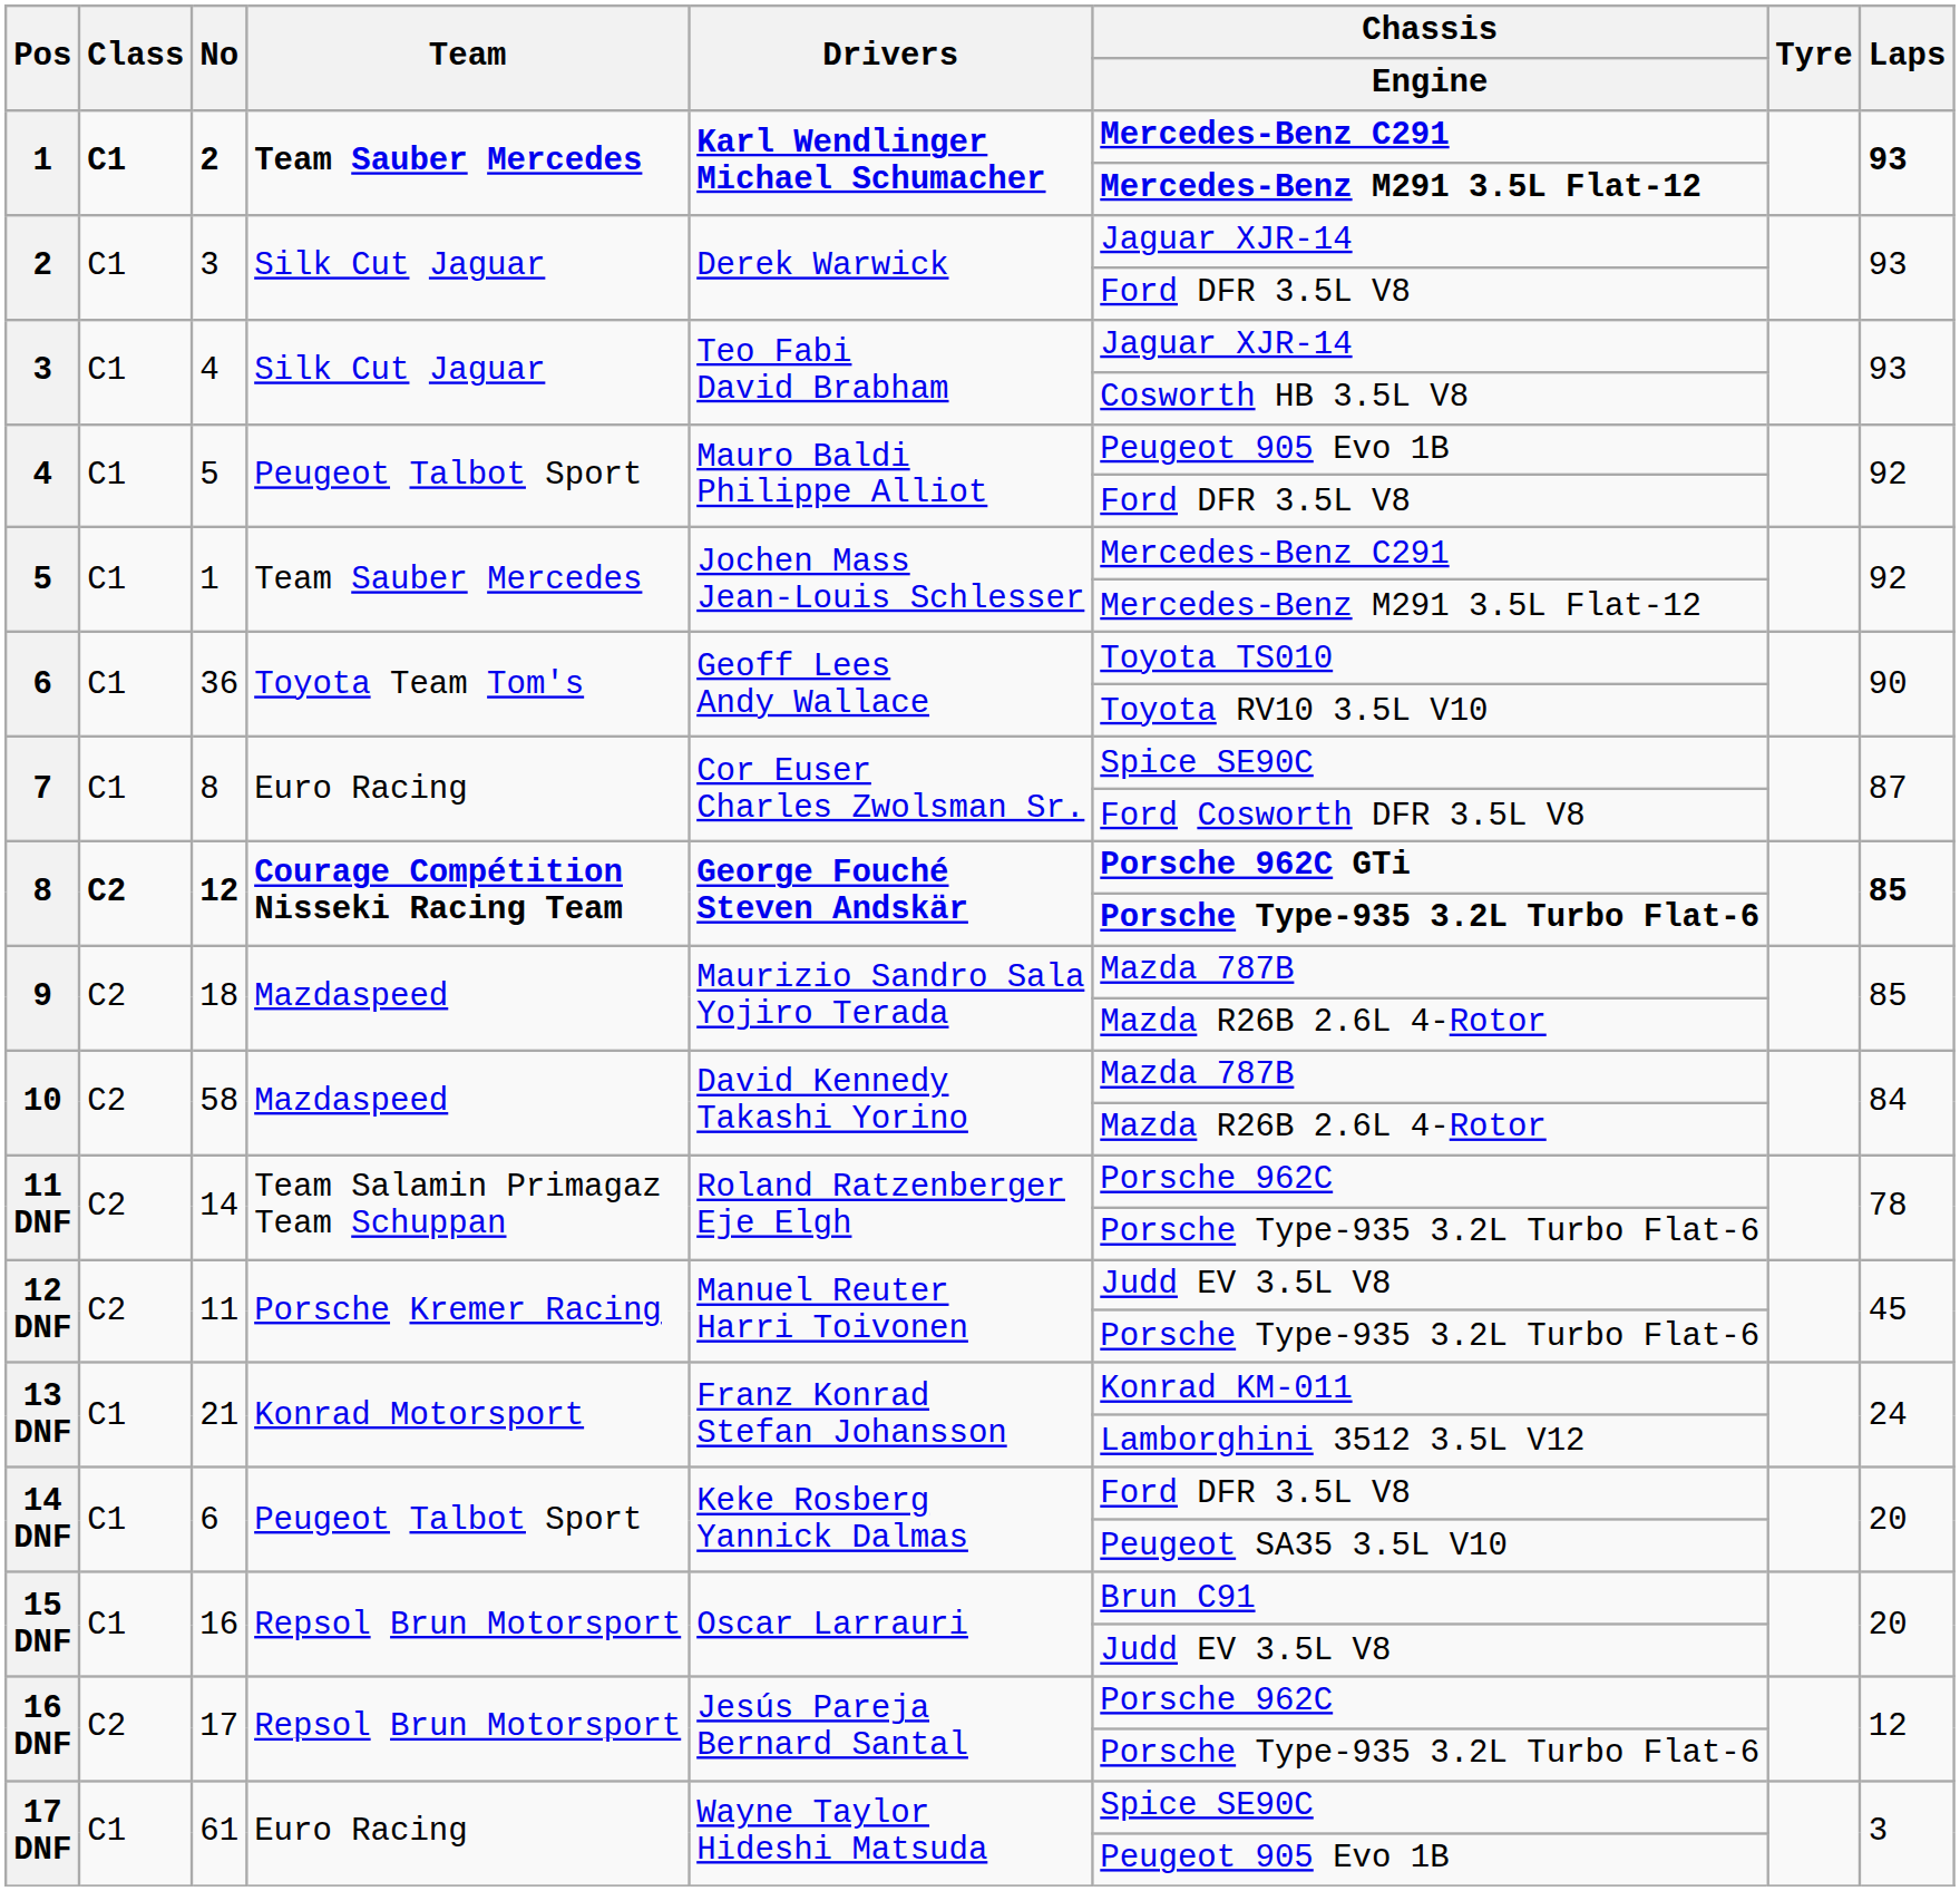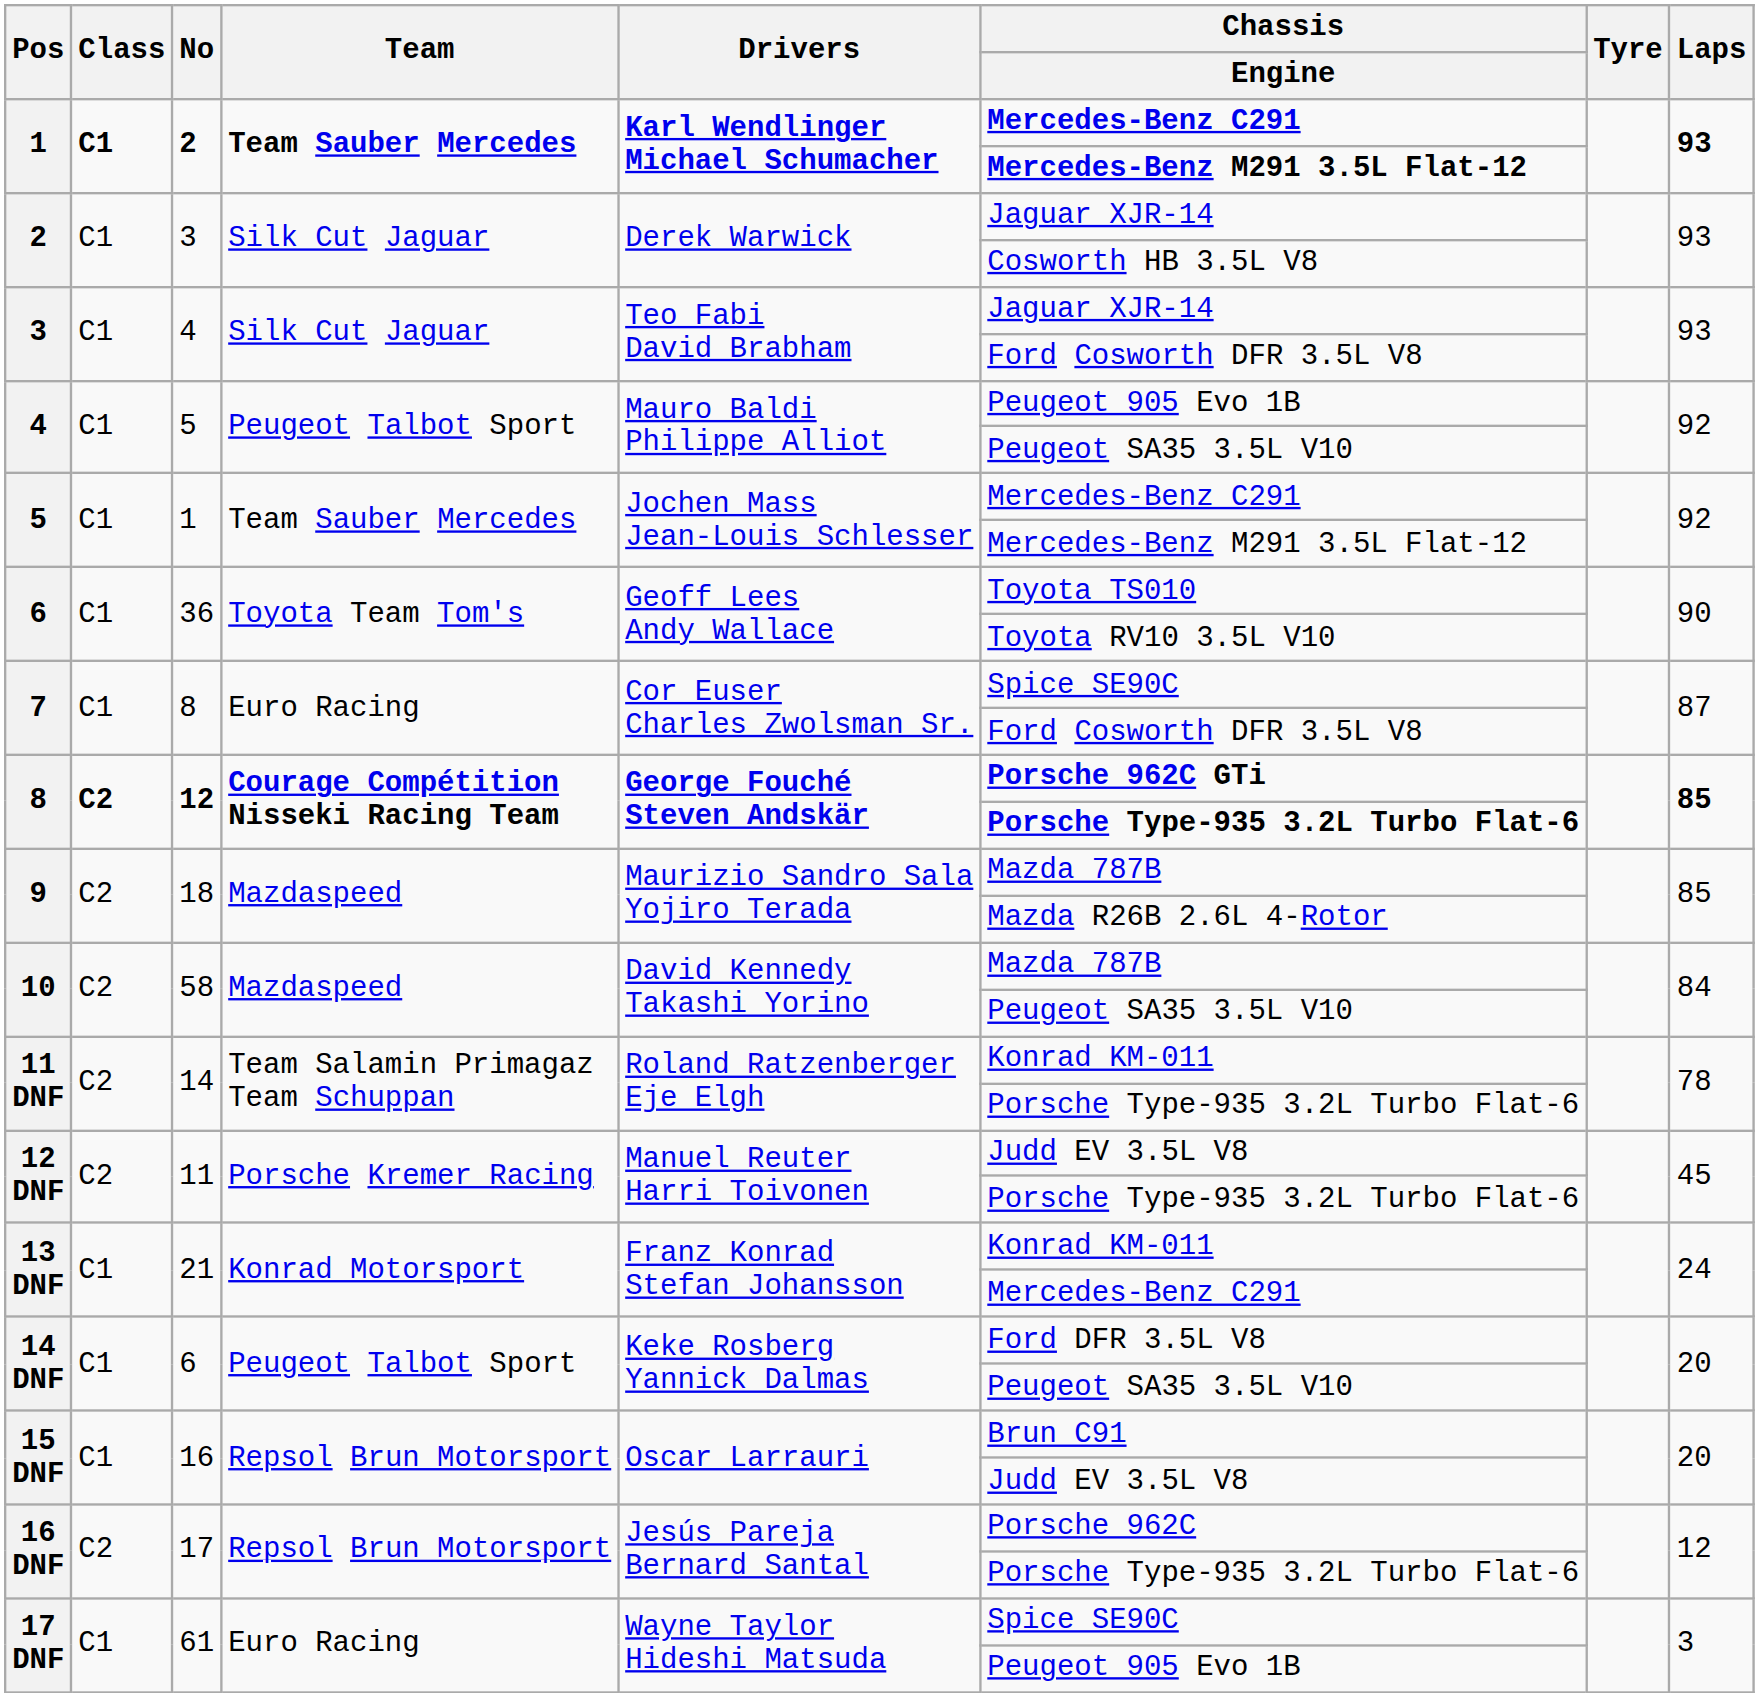 <table class="wikitable" style="font-size: 95%;">
 <tr>
 <th rowspan=2>Pos</th>
 <th rowspan=2>Class</th>
 <th rowspan=2>No</th>
 <th rowspan=2>Team</th>
 <th rowspan=2>Drivers</th>
 <th>Chassis</th>
 <th rowspan=2>Tyre</th>
 <th rowspan=2>Laps</th>
 </tr>
 <tr>
 <th>Engine</th>
 </tr>
 <tr style="font-weight:bold">
 <th rowspan=2>1</th>
 <td rowspan=2>C1</td>
 <td rowspan=2>2</td>
 <td rowspan=2> Team <a href='#'>Sauber</a> <a href='#'>Mercedes</a></td>
 <td rowspan=2> <a href='#'>Karl Wendlinger</a><br> <a href='#'>Michael Schumacher</a></td>
 <td><a href='#'>Mercedes-Benz C291</a></td>
 <td rowspan=2></td>
 <td rowspan=2>93</td>
 </tr>
 <tr style="font-weight:bold">
 <td><a href='#'>Mercedes-Benz</a> M291 3.5L Flat-12</td>
 </tr>
 <tr>
 <th rowspan=2>2</th>
 <td rowspan=2>C1</td>
 <td rowspan=2>3</td>
 <td rowspan=2> <a href='#'>Silk Cut</a> <a href='#'>Jaguar</a></td>
 <td rowspan=2> <a href='#'>Derek Warwick</a></td>
 <td><a href='#'>Jaguar XJR-14</a></td>
 <td rowspan=2></td>
 <td rowspan=2>93</td>
 </tr>
 <tr>
-<td><a href='#'>Ford</a> DFR 3.5L V8</td>
+<td><a href='#'>Cosworth</a> HB 3.5L V8</td>
 </tr>
 <tr>
 <th rowspan=2>3</th>
 <td rowspan=2>C1</td>
 <td rowspan=2>4</td>
 <td rowspan=2> <a href='#'>Silk Cut</a> <a href='#'>Jaguar</a></td>
 <td rowspan=2> <a href='#'>Teo Fabi</a><br> <a href='#'>David Brabham</a></td>
 <td><a href='#'>Jaguar XJR-14</a></td>
 <td rowspan=2></td>
 <td rowspan=2>93</td>
 </tr>
 <tr>
-<td><a href='#'>Cosworth</a> HB 3.5L V8</td>
+<td><a href='#'>Ford</a> <a href='#'>Cosworth</a> DFR 3.5L V8</td>
 </tr>
 <tr>
 <th rowspan=2>4</th>
 <td rowspan=2>C1</td>
 <td rowspan=2>5</td>
 <td rowspan=2> <a href='#'>Peugeot</a> <a href='#'>Talbot</a> Sport</td>
 <td rowspan=2> <a href='#'>Mauro Baldi</a><br> <a href='#'>Philippe Alliot</a></td>
 <td><a href='#'>Peugeot 905</a> Evo 1B</td>
 <td rowspan=2></td>
 <td rowspan=2>92</td>
 </tr>
 <tr>
-<td><a href='#'>Ford</a> DFR 3.5L V8</td>
+<td><a href='#'>Peugeot</a> SA35 3.5L V10</td>
 </tr>
 <tr>
 <th rowspan=2>5</th>
 <td rowspan=2>C1</td>
 <td rowspan=2>1</td>
 <td rowspan=2> Team <a href='#'>Sauber</a> <a href='#'>Mercedes</a></td>
 <td rowspan=2> <a href='#'>Jochen Mass</a><br> <a href='#'>Jean-Louis Schlesser</a></td>
 <td><a href='#'>Mercedes-Benz C291</a></td>
 <td rowspan=2></td>
 <td rowspan=2>92</td>
 </tr>
 <tr>
 <td><a href='#'>Mercedes-Benz</a> M291 3.5L Flat-12</td>
 </tr>
 <tr>
 <th rowspan=2>6</th>
 <td rowspan=2>C1</td>
 <td rowspan=2>36</td>
 <td rowspan=2> <a href='#'>Toyota</a> Team <a href='#'>Tom's</a></td>
 <td rowspan=2> <a href='#'>Geoff Lees</a><br> <a href='#'>Andy Wallace</a></td>
 <td><a href='#'>Toyota TS010</a></td>
 <td rowspan=2></td>
 <td rowspan=2>90</td>
 </tr>
 <tr>
 <td><a href='#'>Toyota</a> RV10 3.5L V10</td>
 </tr>
 <tr>
 <th rowspan=2>7</th>
 <td rowspan=2>C1</td>
 <td rowspan=2>8</td>
 <td rowspan=2> Euro Racing</td>
 <td rowspan=2> <a href='#'>Cor Euser</a><br> <a href='#'>Charles Zwolsman Sr.</a></td>
 <td><a href='#'>Spice SE90C</a></td>
 <td rowspan=2></td>
 <td rowspan=2>87</td>
 </tr>
 <tr>
 <td><a href='#'>Ford</a> <a href='#'>Cosworth</a> DFR 3.5L V8</td>
 </tr>
 <tr style="font-weight:bold">
 <th rowspan=2>8</th>
 <td rowspan=2>C2</td>
 <td rowspan=2>12</td>
 <td rowspan=2> <a href='#'>Courage Compétition</a><br> Nisseki Racing Team</td>
 <td rowspan=2> <a href='#'>George Fouché</a><br> <a href='#'>Steven Andskär</a></td>
 <td><a href='#'>Porsche 962C</a> GTi</td>
 <td rowspan=2></td>
 <td rowspan=2>85</td>
 </tr>
 <tr style="font-weight:bold">
 <td><a href='#'>Porsche</a> Type-935 3.2L Turbo Flat-6</td>
 </tr>
 <tr>
 <th rowspan=2>9</th>
 <td rowspan=2>C2</td>
 <td rowspan=2>18</td>
 <td rowspan=2> <a href='#'>Mazdaspeed</a></td>
 <td rowspan=2> <a href='#'>Maurizio Sandro Sala</a><br> <a href='#'>Yojiro Terada</a></td>
 <td><a href='#'>Mazda 787B</a></td>
 <td rowspan=2></td>
 <td rowspan=2>85</td>
 </tr>
 <tr>
 <td><a href='#'>Mazda</a> R26B 2.6L 4-<a href='#'>Rotor</a></td>
 </tr>
 <tr>
 <th rowspan=2>10</th>
 <td rowspan=2>C2</td>
 <td rowspan=2>58</td>
 <td rowspan=2> <a href='#'>Mazdaspeed</a></td>
 <td rowspan=2> <a href='#'>David Kennedy</a><br> <a href='#'>Takashi Yorino</a></td>
 <td><a href='#'>Mazda 787B</a></td>
 <td rowspan=2></td>
 <td rowspan=2>84</td>
 </tr>
 <tr>
-<td><a href='#'>Mazda</a> R26B 2.6L 4-<a href='#'>Rotor</a></td>
+<td><a href='#'>Peugeot</a> SA35 3.5L V10</td>
 </tr>
 <tr>
 <th rowspan=2>11<br>DNF</th>
 <td rowspan=2>C2</td>
 <td rowspan=2>14</td>
 <td rowspan=2> Team Salamin Primagaz<br> Team <a href='#'>Schuppan</a></td>
 <td rowspan=2> <a href='#'>Roland Ratzenberger</a><br> <a href='#'>Eje Elgh</a></td>
-<td><a href='#'>Porsche 962C</a></td>
+<td><a href='#'>Konrad KM-011</a></td>
 <td rowspan=2></td>
 <td rowspan=2>78</td>
 </tr>
 <tr>
 <td><a href='#'>Porsche</a> Type-935 3.2L Turbo Flat-6</td>
 </tr>
 <tr>
 <th rowspan=2>12<br>DNF</th>
 <td rowspan=2>C2</td>
 <td rowspan=2>11</td>
 <td rowspan=2> <a href='#'>Porsche</a> <a href='#'>Kremer Racing</a></td>
 <td rowspan=2> <a href='#'>Manuel Reuter</a><br> <a href='#'>Harri Toivonen</a></td>
 <td><a href='#'>Judd</a> EV 3.5L V8</td>
 <td rowspan=2></td>
 <td rowspan=2>45</td>
 </tr>
 <tr>
 <td><a href='#'>Porsche</a> Type-935 3.2L Turbo Flat-6</td>
 </tr>
 <tr>
 <th rowspan=2>13<br>DNF</th>
 <td rowspan=2>C1</td>
 <td rowspan=2>21</td>
 <td rowspan=2> <a href='#'>Konrad Motorsport</a></td>
 <td rowspan=2> <a href='#'>Franz Konrad</a><br> <a href='#'>Stefan Johansson</a></td>
 <td><a href='#'>Konrad KM-011</a></td>
 <td rowspan=2></td>
 <td rowspan=2>24</td>
 </tr>
 <tr>
-<td><a href='#'>Lamborghini</a> 3512 3.5L V12</td>
+<td><a href='#'>Mercedes-Benz C291</a></td>
 </tr>
 <tr>
 <th rowspan=2>14<br>DNF</th>
 <td rowspan=2>C1</td>
 <td rowspan=2>6</td>
 <td rowspan=2> <a href='#'>Peugeot</a> <a href='#'>Talbot</a> Sport</td>
 <td rowspan=2> <a href='#'>Keke Rosberg</a><br> <a href='#'>Yannick Dalmas</a></td>
 <td><a href='#'>Ford</a> DFR 3.5L V8</td>
 <td rowspan=2></td>
 <td rowspan=2>20</td>
 </tr>
 <tr>
 <td><a href='#'>Peugeot</a> SA35 3.5L V10</td>
 </tr>
 <tr>
 <th rowspan=2>15<br>DNF</th>
 <td rowspan=2>C1</td>
 <td rowspan=2>16</td>
 <td rowspan=2> <a href='#'>Repsol</a> <a href='#'>Brun Motorsport</a></td>
 <td rowspan=2> <a href='#'>Oscar Larrauri</a></td>
 <td><a href='#'>Brun C91</a></td>
 <td rowspan=2></td>
 <td rowspan=2>20</td>
 </tr>
 <tr>
 <td><a href='#'>Judd</a> EV 3.5L V8</td>
 </tr>
 <tr>
 <th rowspan=2>16<br>DNF</th>
 <td rowspan=2>C2</td>
 <td rowspan=2>17</td>
 <td rowspan=2> <a href='#'>Repsol</a> <a href='#'>Brun Motorsport</a></td>
 <td rowspan=2> <a href='#'>Jesús Pareja</a><br> <a href='#'>Bernard Santal</a></td>
 <td><a href='#'>Porsche 962C</a></td>
 <td rowspan=2></td>
 <td rowspan=2>12</td>
 </tr>
 <tr>
 <td><a href='#'>Porsche</a> Type-935 3.2L Turbo Flat-6</td>
 </tr>
 <tr>
 <th rowspan=2>17<br>DNF</th>
 <td rowspan=2>C1</td>
 <td rowspan=2>61</td>
 <td rowspan=2> Euro Racing</td>
 <td rowspan=2> <a href='#'>Wayne Taylor</a><br> <a href='#'>Hideshi Matsuda</a></td>
 <td><a href='#'>Spice SE90C</a></td>
 <td rowspan=2></td>
 <td rowspan=2>3</td>
 </tr>
 <tr>
 <td><a href='#'>Peugeot 905</a> Evo 1B</td>
 </tr>
 </table>
